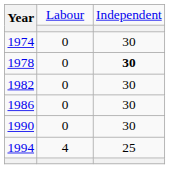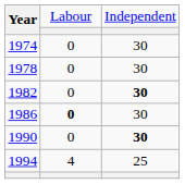 <table class=wikitable style=text-align:center>
 <tr>
 <th rowspan=2>Year</th>
 <td width="60"><a href='#'>Labour</a></td>
 <td width="60"><a href='#'>Independent</a></td>
 </tr>
 <tr>
 <th style="background-color: "></th>
 <th style="background-color: "></th>
 </tr>
 <tr>
 <td><a href='#'>1974</a></td>
 <td>0</td>
 <td>30</td>
 </tr>
 <tr>
 <td><a href='#'>1978</a></td>
 <td>0</td>
-<td><strong>30</strong></td>
+<td>30</td>
 </tr>
 <tr>
 <td><a href='#'>1982</a></td>
 <td>0</td>
-<td>30</td>
+<td><strong>30</strong></td>
 </tr>
 <tr>
 <td><a href='#'>1986</a></td>
-<td>0</td>
+<td><strong>0</strong></td>
 <td>30</td>
 </tr>
 <tr>
 <td><a href='#'>1990</a></td>
 <td>0</td>
-<td>30</td>
+<td><strong>30</strong></td>
 </tr>
 <tr>
 <td><a href='#'>1994</a></td>
 <td>4</td>
 <td>25</td>
 </tr>
 <tr>
 <th></th>
 <th style="background-color: "></th>
 <th style="background-color: "></th>
 </tr>
 </table>
